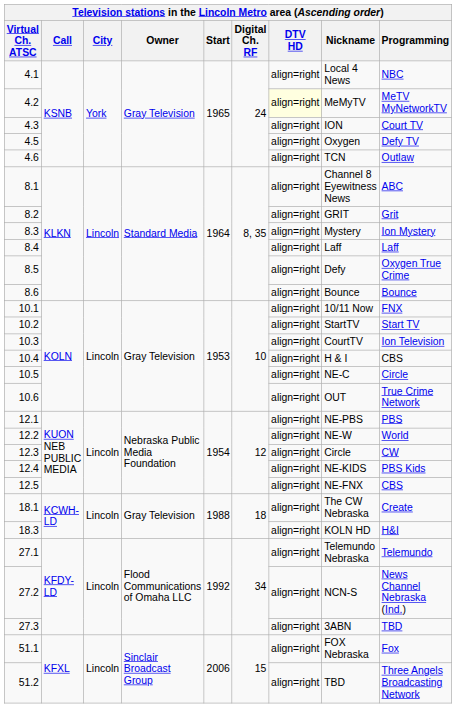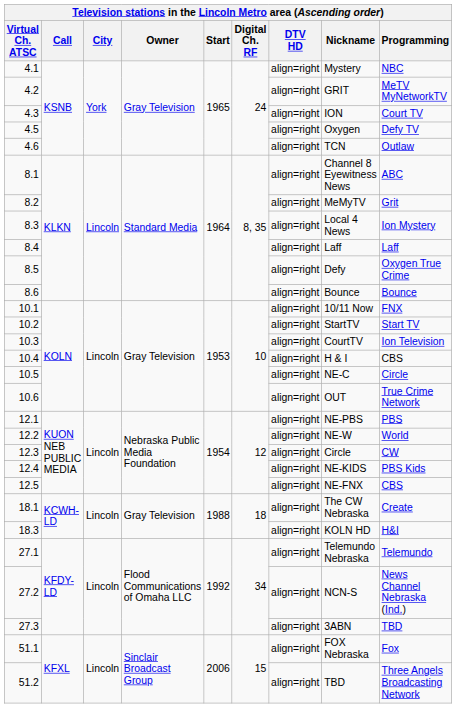 <table class="wikitable sortable">
 <tr>
 <th align="center" colspan="10"><strong><a href='#'>Television stations</a> in the <a href='#'>Lincoln Metro</a> area</strong> (<em>Ascending order</em>)</th>
 </tr>
 <tr>
 <th><a href='#'>Virtual<br>Ch.</a><br><a href='#'>ATSC</a></th>
 <th><a href='#'>Call</a></th>
 <th><a href='#'>City</a></th>
 <th>Owner</th>
 <th>Start</th>
 <th>Digital<br>Ch.<br><strong><a href='#'>RF</a></strong></th>
 <th><a href='#'>DTV</a><br><a href='#'>HD</a></th>
 <th>Nickname</th>
 <th>Programming</th>
 </tr>
 <tr>
 <td align=right>4.1</td>
 <td rowspan="5"><a href='#'>KSNB</a></td>
 <td rowspan="5"><a href='#'>York</a></td>
 <td rowspan="5"><a href='#'>Gray Television</a></td>
 <td rowspan="5" align=right>1965 </td>
 <td rowspan="5" align=right>24</td>
 <td>align=right </td>
-<td>Local 4 News</td>
+<td>Mystery</td>
 <td><a href='#'>NBC</a></td>
 </tr>
 <tr>
 <td align=right>4.2</td>
-<td style="background: lightyellow;">align=right </td>
-<td>MeMyTV</td>
+<td>align=right </td>
+<td>GRIT</td>
 <td><a href='#'>MeTV</a><br><a href='#'>MyNetworkTV</a></td>
 </tr>
 <tr>
 <td align=right>4.3</td>
 <td>align=right </td>
 <td>ION</td>
 <td><a href='#'>Court TV</a></td>
 </tr>
 <tr>
 <td align=right>4.5</td>
 <td>align=right </td>
 <td>Oxygen</td>
 <td><a href='#'>Defy TV</a></td>
 </tr>
 <tr>
 <td align=right>4.6</td>
 <td>align=right </td>
 <td>TCN</td>
 <td><a href='#'>Outlaw</a></td>
 </tr>
 <tr>
 <td align=right>8.1</td>
 <td rowspan="6"><a href='#'>KLKN</a></td>
 <td rowspan="6"><a href='#'>Lincoln</a></td>
 <td rowspan="6"><a href='#'>Standard Media</a></td>
 <td rowspan="6" align=right>1964</td>
 <td rowspan="6" align=right>8, 35</td>
 <td>align=right </td>
 <td>Channel 8 Eyewitness News</td>
 <td><a href='#'>ABC</a></td>
 </tr>
 <tr>
 <td align=right>8.2</td>
 <td>align=right </td>
-<td>GRIT</td>
+<td>MeMyTV</td>
 <td><a href='#'>Grit</a></td>
 </tr>
 <tr>
 <td align=right>8.3</td>
 <td>align=right </td>
-<td>Mystery</td>
+<td>Local 4 News</td>
 <td><a href='#'>Ion Mystery</a></td>
 </tr>
 <tr>
 <td align=right>8.4</td>
 <td>align=right </td>
 <td>Laff</td>
 <td><a href='#'>Laff</a></td>
 </tr>
 <tr>
 <td align=right>8.5</td>
 <td>align=right </td>
 <td>Defy</td>
 <td><a href='#'>Oxygen True Crime</a></td>
 </tr>
 <tr>
 <td align=right>8.6</td>
 <td>align=right </td>
 <td>Bounce</td>
 <td><a href='#'>Bounce</a></td>
 </tr>
 <tr>
 <td align=right>10.1</td>
 <td rowspan="6"><a href='#'>KOLN</a></td>
 <td rowspan="6">Lincoln</td>
 <td rowspan="6">Gray Television</td>
 <td rowspan="6" align=right>1953</td>
 <td rowspan="6" align=right>10</td>
 <td>align=right </td>
 <td>10/11 Now</td>
 <td><a href='#'>FNX</a></td>
 </tr>
 <tr>
 <td align=right>10.2</td>
 <td>align=right </td>
 <td>StartTV</td>
 <td><a href='#'>Start TV</a></td>
 </tr>
 <tr>
 <td align=right>10.3</td>
 <td>align=right </td>
 <td>CourtTV</td>
 <td><a href='#'>Ion Television</a></td>
 </tr>
 <tr>
 <td align=right>10.4</td>
 <td>align=right </td>
 <td>H & I</td>
 <td>CBS </td>
 </tr>
 <tr>
 <td align=right>10.5</td>
 <td>align=right </td>
 <td>NE-C</td>
 <td><a href='#'>Circle</a></td>
 </tr>
 <tr>
 <td align=right>10.6</td>
 <td>align=right </td>
 <td>OUT</td>
 <td><a href='#'>True Crime Network</a></td>
 </tr>
 <tr>
 <td align=right>12.1</td>
 <td rowspan="5"><a href='#'>KUON</a><br>NEB PUBLIC MEDIA</td>
 <td rowspan="5">Lincoln</td>
 <td rowspan="5">Nebraska Public Media Foundation</td>
 <td rowspan="5" align=right>1954</td>
 <td rowspan="5" align=right>12</td>
 <td>align=right </td>
 <td>NE-PBS</td>
 <td><a href='#'>PBS</a></td>
 </tr>
 <tr>
 <td align=right>12.2</td>
 <td>align=right </td>
 <td>NE-W</td>
 <td><a href='#'>World</a></td>
 </tr>
 <tr>
 <td align=right>12.3</td>
 <td>align=right </td>
 <td>Circle</td>
 <td><a href='#'>CW</a></td>
 </tr>
 <tr>
 <td align=right>12.4</td>
 <td>align=right </td>
 <td>NE-KIDS</td>
 <td><a href='#'>PBS Kids</a></td>
 </tr>
 <tr>
 <td align=right>12.5</td>
 <td>align=right </td>
 <td>NE-FNX</td>
 <td><a href='#'>CBS</a></td>
 </tr>
 <tr>
 <td align=right>18.1</td>
 <td rowspan="2"><a href='#'>KCWH-LD</a></td>
 <td rowspan="2">Lincoln</td>
 <td rowspan="2">Gray Television</td>
 <td rowspan="2" align=right>1988</td>
 <td rowspan="2" align=right>18</td>
 <td>align=right </td>
 <td>The CW Nebraska</td>
 <td><a href='#'>Create</a></td>
 </tr>
 <tr>
 <td align=right>18.3</td>
 <td>align=right </td>
 <td>KOLN HD</td>
 <td><a href='#'>H&I</a></td>
 </tr>
 <tr>
 <td align=right>27.1</td>
 <td rowspan="3"><a href='#'>KFDY-LD</a><br></td>
 <td rowspan="3">Lincoln</td>
 <td rowspan="3">Flood Communications of Omaha LLC</td>
 <td rowspan="3" align=right>1992</td>
 <td rowspan="3" align=right>34</td>
 <td>align=right </td>
 <td>Telemundo Nebraska</td>
 <td><a href='#'>Telemundo</a></td>
 </tr>
 <tr>
 <td align=right>27.2</td>
 <td>align=right </td>
 <td>NCN-S</td>
 <td><a href='#'>News Channel Nebraska</a><br>(<a href='#'>Ind.</a>)</td>
 </tr>
 <tr>
 <td align=right>27.3</td>
 <td>align=right </td>
 <td>3ABN</td>
 <td><a href='#'>TBD</a></td>
 </tr>
 <tr>
 <td align=right>51.1</td>
 <td rowspan="2"><a href='#'>KFXL</a></td>
 <td rowspan="2">Lincoln</td>
 <td rowspan="2"><a href='#'>Sinclair Broadcast Group</a></td>
 <td rowspan="2" align=right>2006</td>
 <td rowspan="2" align=right>15</td>
 <td>align=right </td>
 <td>FOX Nebraska</td>
 <td><a href='#'>Fox</a></td>
 </tr>
 <tr>
 <td align=right>51.2</td>
 <td>align=right </td>
 <td>TBD</td>
 <td><a href='#'>Three Angels Broadcasting Network</a></td>
 </tr>
 </table>
